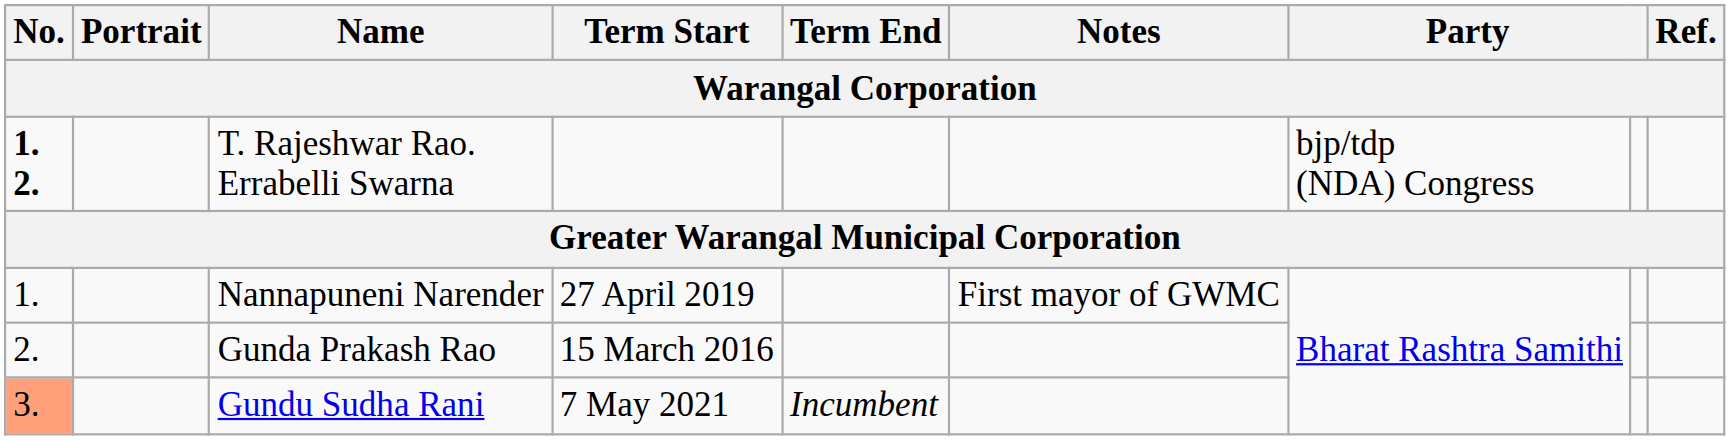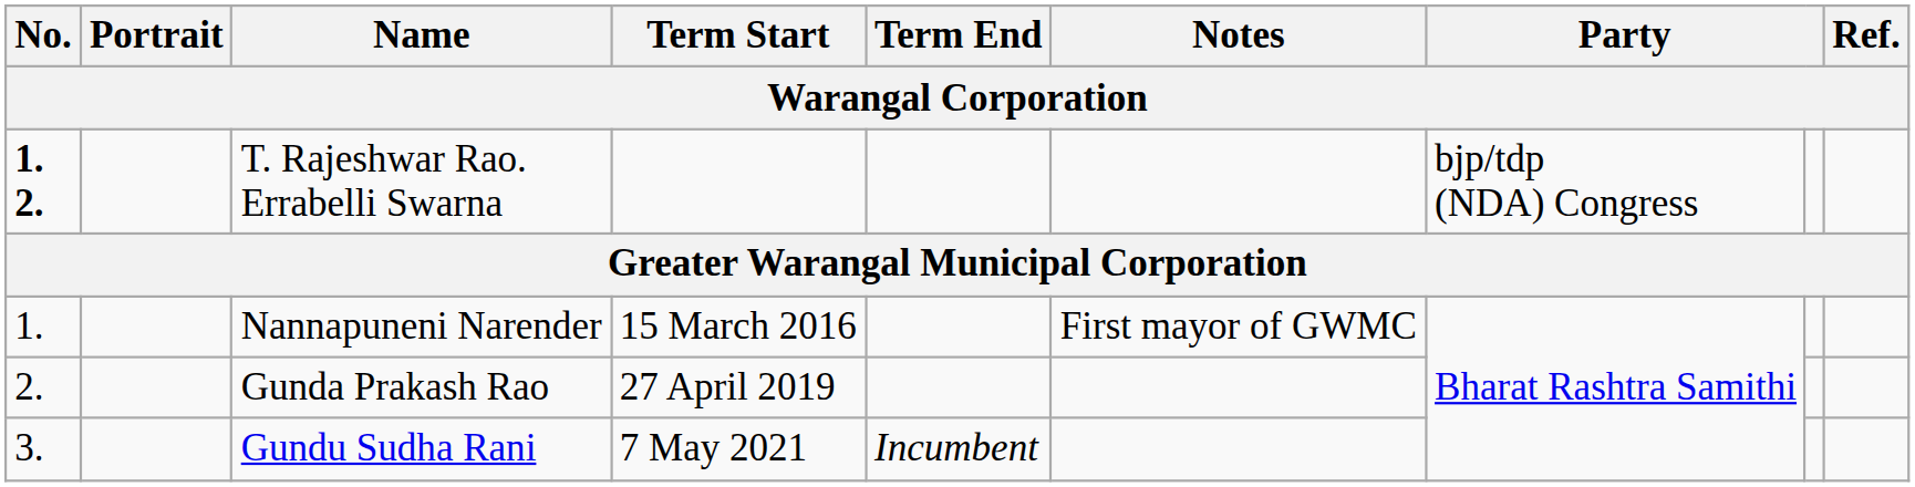 <table class="wikitable">
 <tr>
 <th>No.</th>
 <th>Portrait</th>
 <th>Name</th>
 <th>Term Start</th>
 <th>Term End</th>
 <th>Notes</th>
 <th colspan=2>Party</th>
 <th>Ref.</th>
 </tr>
 <tr>
 <th colspan=11>Warangal Corporation</th>
 </tr>
 <tr>
 <td><strong>1.<br>2.</strong></td>
 <td></td>
 <td>T. Rajeshwar Rao.<br>Errabelli Swarna</td>
 <td></td>
 <td></td>
 <td></td>
 <td>bjp/tdp<br>(NDA) Congress</td>
 <td></td>
 <td></td>
 </tr>
 <tr>
 <th colspan=11>Greater Warangal Municipal Corporation</th>
 </tr>
 <tr>
 <td>1.</td>
 <td></td>
 <td>Nannapuneni Narender</td>
-<td>27 April 2019</td>
+<td>15 March 2016</td>
 <td></td>
 <td>First mayor of GWMC</td>
 <td rowspan=3><a href='#'>Bharat Rashtra Samithi</a></td>
 <td bgcolor=></td>
 <td></td>
 </tr>
 <tr>
 <td>2.</td>
 <td></td>
 <td>Gunda Prakash Rao</td>
-<td>15 March 2016</td>
+<td>27 April 2019</td>
 <td></td>
 <td></td>
 <td bgcolor=></td>
 <td></td>
 </tr>
 <tr>
-<td style="background: lightsalmon;">3.</td>
+<td>3.</td>
 <td></td>
 <td><a href='#'>Gundu Sudha Rani</a></td>
 <td>7 May 2021</td>
 <td><em>Incumbent</em></td>
 <td></td>
 <td bgcolor=></td>
 <td></td>
 </tr>
 </table>
